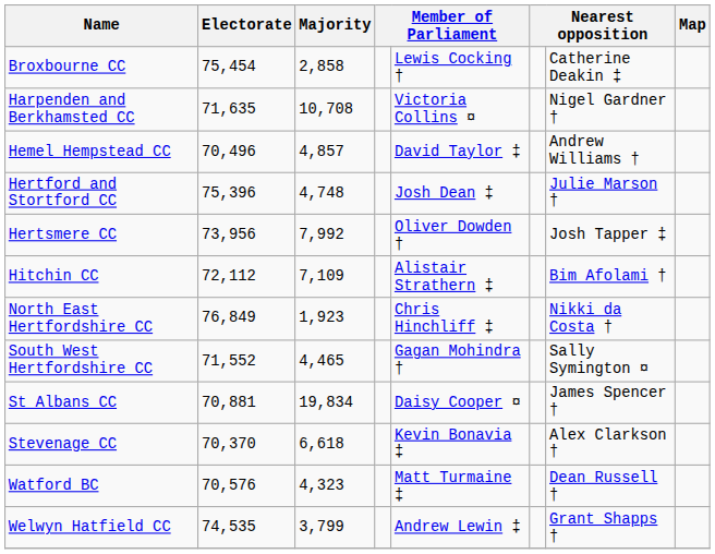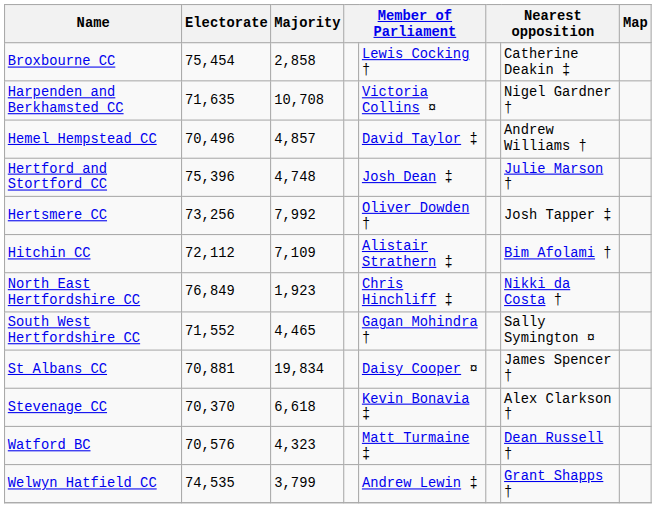 <table class="wikitable sortable">
 <tr>
 <th rowspan="1">Name</th>
 <th rowspan="1">Electorate</th>
 <th rowspan="1">Majority</th>
 <th class="unsortable" colspan="2"><a href='#'>Member of Parliament</a></th>
 <th class="unsortable" colspan="2">Nearest opposition</th>
 <th class="unsortable" rowspan="1">Map</th>
 </tr>
 <tr>
 <td><a href='#'>Broxbourne CC</a></td>
 <td>75,454</td>
 <td>2,858</td>
 <td style="color:inherit;background:"> </td>
 <td><a href='#'>Lewis Cocking</a> †</td>
 <td style="color:inherit;background:"> </td>
 <td>Catherine Deakin ‡</td>
 <td></td>
 </tr>
 <tr>
 <td><a href='#'>Harpenden and Berkhamsted CC</a></td>
 <td>71,635</td>
 <td>10,708</td>
 <td style="color:inherit;background:"></td>
 <td><a href='#'>Victoria Collins</a> ¤</td>
 <td style="color:inherit;background:"></td>
 <td>Nigel Gardner †</td>
 <td></td>
 </tr>
 <tr>
 <td><a href='#'>Hemel Hempstead CC</a></td>
 <td>70,496</td>
 <td>4,857</td>
 <td style="color:inherit;background:"></td>
 <td><a href='#'>David Taylor</a> ‡</td>
 <td style="color:inherit;background:"></td>
 <td>Andrew Williams †</td>
 <td></td>
 </tr>
 <tr>
 <td><a href='#'>Hertford and Stortford CC</a></td>
 <td>75,396</td>
 <td>4,748</td>
 <td style="color:inherit;background:"></td>
 <td><a href='#'>Josh Dean</a> ‡</td>
 <td style="color:inherit;background:"></td>
 <td><a href='#'>Julie Marson</a> †</td>
 <td></td>
 </tr>
 <tr>
 <td><a href='#'>Hertsmere CC</a></td>
-<td>73,956</td>
+<td>73,256</td>
 <td>7,992</td>
 <td style="color:inherit;background:"></td>
 <td><a href='#'>Oliver Dowden</a> †</td>
 <td style="color:inherit;background:"></td>
 <td>Josh Tapper ‡</td>
 <td></td>
 </tr>
 <tr>
 <td><a href='#'>Hitchin CC</a></td>
 <td>72,112</td>
 <td>7,109</td>
 <td style="color:inherit;background:"></td>
 <td><a href='#'>Alistair Strathern</a> ‡</td>
 <td style="color:inherit;background:"></td>
 <td><a href='#'>Bim Afolami</a> †</td>
 <td></td>
 </tr>
 <tr>
 <td><a href='#'>North East Hertfordshire CC</a></td>
 <td>76,849</td>
 <td>1,923</td>
 <td style="color:inherit;background:"></td>
 <td><a href='#'>Chris Hinchliff</a> ‡</td>
 <td style="color:inherit;background:"></td>
 <td><a href='#'>Nikki da Costa</a> †</td>
 <td></td>
 </tr>
 <tr>
 <td><a href='#'>South West Hertfordshire CC</a></td>
 <td>71,552</td>
 <td>4,465</td>
 <td style="color:inherit;background:"></td>
 <td><a href='#'>Gagan Mohindra</a> †</td>
 <td style="color:inherit;background:"></td>
 <td>Sally Symington ¤</td>
 <td></td>
 </tr>
 <tr>
 <td><a href='#'>St Albans CC</a></td>
 <td>70,881</td>
 <td>19,834</td>
 <td style="color:inherit;background:"></td>
 <td><a href='#'>Daisy Cooper</a> ¤</td>
 <td style="color:inherit;background:"></td>
 <td>James Spencer †</td>
 <td></td>
 </tr>
 <tr>
 <td><a href='#'>Stevenage CC</a></td>
 <td>70,370</td>
 <td>6,618</td>
 <td style="color:inherit;background:"></td>
 <td><a href='#'>Kevin Bonavia</a> ‡</td>
 <td style="color:inherit;background:"></td>
 <td>Alex Clarkson †</td>
 <td></td>
 </tr>
 <tr>
 <td><a href='#'>Watford BC</a></td>
 <td>70,576</td>
 <td>4,323</td>
 <td style="color:inherit;background:"></td>
 <td><a href='#'>Matt Turmaine</a> ‡</td>
 <td style="color:inherit;background:"></td>
 <td><a href='#'>Dean Russell</a> †</td>
 <td></td>
 </tr>
 <tr>
 <td><a href='#'>Welwyn Hatfield CC</a></td>
 <td>74,535</td>
 <td>3,799</td>
 <td style="color:inherit;background:"></td>
 <td><a href='#'>Andrew Lewin</a> ‡</td>
 <td style="color:inherit;background:"></td>
 <td><a href='#'>Grant Shapps</a> †</td>
 <td></td>
 </tr>
 <tr>
 </tr>
 </table>
